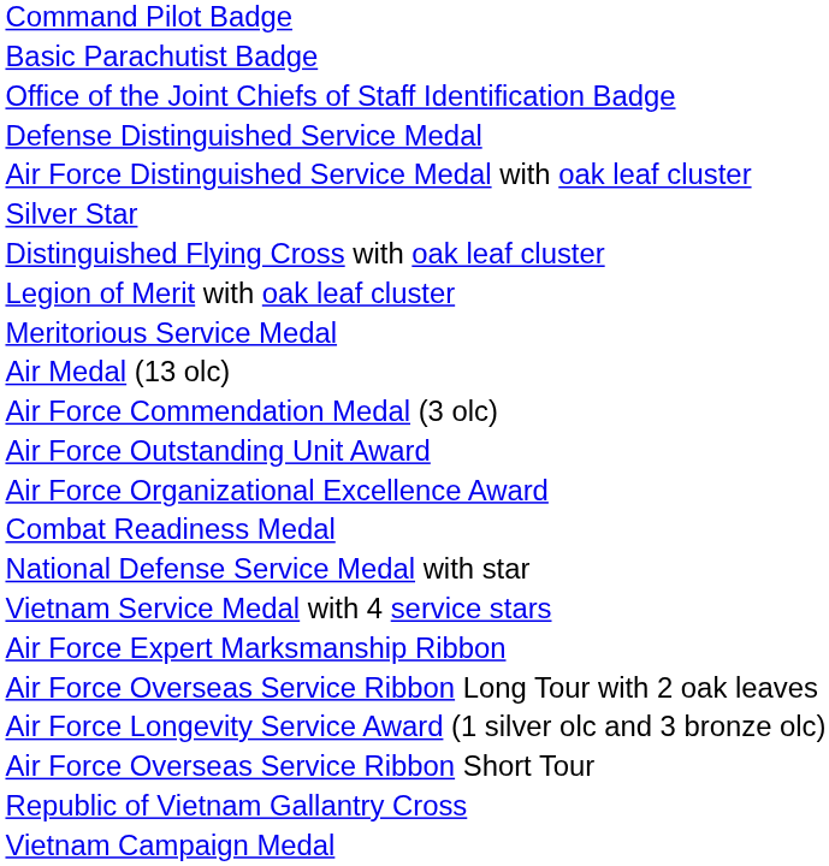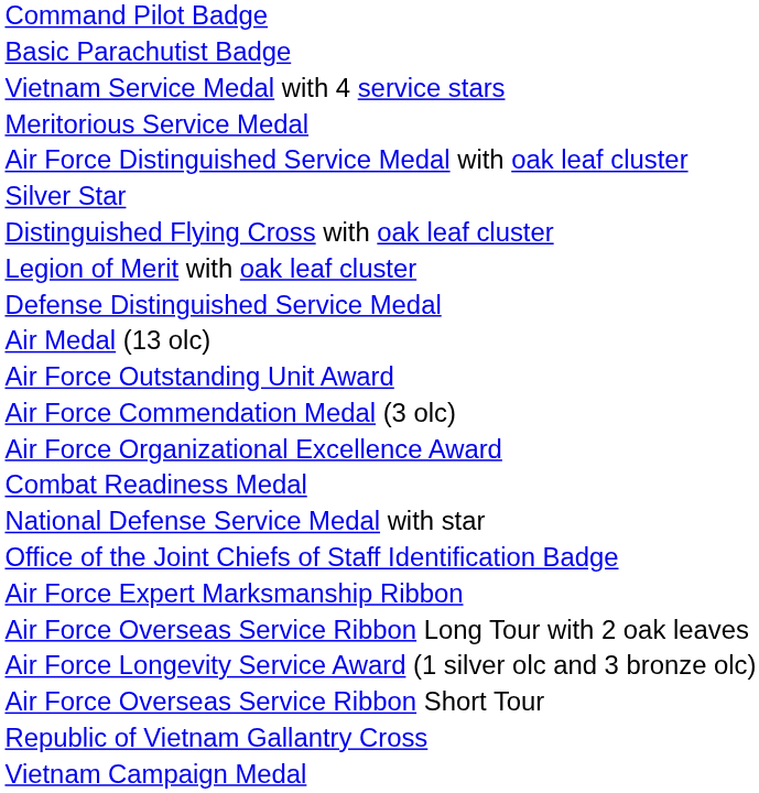 <table>
 <tr>
 <td> <a href='#'>Command Pilot Badge</a></td>
 </tr>
 <tr>
 <td> <a href='#'>Basic Parachutist Badge</a></td>
 </tr>
 <tr>
-<td> <a href='#'>Office of the Joint Chiefs of Staff Identification Badge</a></td>
+<td> <a href='#'>Vietnam Service Medal</a> with 4 <a href='#'>service stars</a></td>
 </tr>
 <tr>
-<td> <a href='#'>Defense Distinguished Service Medal</a></td>
+<td> <a href='#'>Meritorious Service Medal</a></td>
 </tr>
 <tr>
 <td> <a href='#'>Air Force Distinguished Service Medal</a> with <a href='#'>oak leaf cluster</a></td>
 </tr>
 <tr>
 <td> <a href='#'>Silver Star</a></td>
 </tr>
 <tr>
 <td> <a href='#'>Distinguished Flying Cross</a> with <a href='#'>oak leaf cluster</a></td>
 </tr>
 <tr>
 <td> <a href='#'>Legion of Merit</a> with <a href='#'>oak leaf cluster</a></td>
 </tr>
 <tr>
-<td> <a href='#'>Meritorious Service Medal</a></td>
+<td> <a href='#'>Defense Distinguished Service Medal</a></td>
 </tr>
 <tr>
 <td> <a href='#'>Air Medal</a> (13 olc)</td>
 </tr>
 <tr>
-<td> <a href='#'>Air Force Commendation Medal</a> (3 olc)</td>
+<td> <a href='#'>Air Force Outstanding Unit Award</a></td>
 </tr>
 <tr>
-<td> <a href='#'>Air Force Outstanding Unit Award</a></td>
+<td> <a href='#'>Air Force Commendation Medal</a> (3 olc)</td>
 </tr>
 <tr>
 <td><a href='#'>Air Force Organizational Excellence Award</a></td>
 </tr>
 <tr>
 <td> <a href='#'>Combat Readiness Medal</a></td>
 </tr>
 <tr>
 <td> <a href='#'>National Defense Service Medal</a> with star</td>
 </tr>
 <tr>
-<td> <a href='#'>Vietnam Service Medal</a> with 4 <a href='#'>service stars</a></td>
+<td> <a href='#'>Office of the Joint Chiefs of Staff Identification Badge</a></td>
 </tr>
 <tr>
 <td> <a href='#'>Air Force Expert Marksmanship Ribbon</a></td>
 </tr>
 <tr>
 <td> <a href='#'>Air Force Overseas Service Ribbon</a> Long Tour with 2 oak leaves</td>
 </tr>
 <tr>
 <td> <a href='#'>Air Force Longevity Service Award</a> (1 silver olc and 3 bronze olc)</td>
 </tr>
 <tr>
 <td> <a href='#'>Air Force Overseas Service Ribbon</a> Short Tour</td>
 </tr>
 <tr>
 <td> <a href='#'>Republic of Vietnam Gallantry Cross</a></td>
 </tr>
 <tr>
 <td> <a href='#'>Vietnam Campaign Medal</a></td>
 </tr>
 </table>
